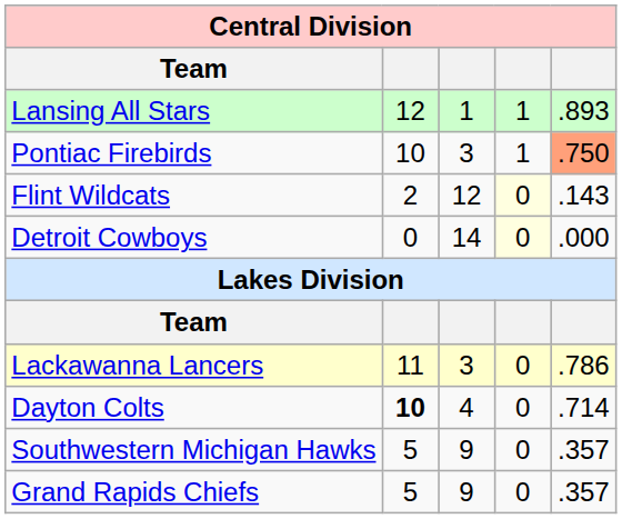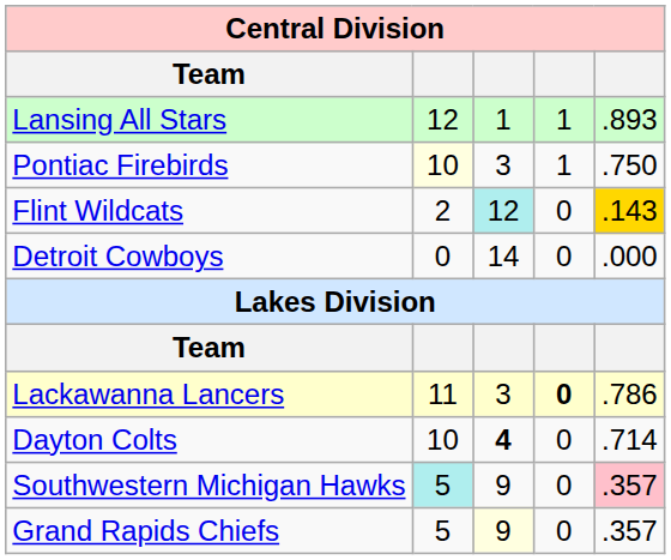 <table class="wikitable" style="font-size:95%; text-align:center">
 <tr>
 <th colspan="10" style="background-color: #FFCBCB;text-align:center;vertical-align:middle;">Central Division</th>
 </tr>
 <tr>
 <th>Team</th>
 <th width="25"></th>
 <th width="25"></th>
 <th width="25"></th>
 <th width="30"></th>
 </tr>
 <tr style="background:#cfc;">
 <td style="text-align:left;"><a href='#'>Lansing All Stars</a></td>
 <td>12</td>
 <td>1</td>
 <td>1</td>
 <td>.893</td>
 </tr>
 <tr>
 <td style="text-align:left;"><a href='#'>Pontiac Firebirds</a></td>
-<td>10</td>
+<td style="background: lightyellow;">10</td>
 <td>3</td>
 <td>1</td>
-<td style="background: lightsalmon;">.750</td>
+<td>.750</td>
 </tr>
 <tr>
 <td style="text-align:left;"><a href='#'>Flint Wildcats</a></td>
 <td>2</td>
-<td>12</td>
-<td style="background: lightyellow;">0</td>
-<td>.143</td>
+<td style="background: paleturquoise;">12</td>
+<td>0</td>
+<td style="background: gold;">.143</td>
 </tr>
 <tr>
 <td style="text-align:left;"><a href='#'>Detroit Cowboys</a></td>
 <td>0</td>
 <td>14</td>
-<td style="background: lightyellow;">0</td>
+<td>0</td>
 <td>.000</td>
 </tr>
 <tr>
 <th colspan="10" style="background-color: #D0E7FF;text-align:center;vertical-align:middle;">Lakes Division</th>
 </tr>
 <tr>
 <th>Team</th>
 <th width="25"></th>
 <th width="25"></th>
 <th width="25"></th>
 <th width="30"></th>
 </tr>
 <tr style="background:#ffc;">
 <td style="text-align:left;"><a href='#'>Lackawanna Lancers</a></td>
 <td>11</td>
 <td>3</td>
-<td>0</td>
+<td><strong>0</strong></td>
 <td>.786</td>
 </tr>
 <tr>
 <td style="text-align:left;"><a href='#'>Dayton Colts</a></td>
-<td><strong>10</strong></td>
-<td>4</td>
+<td>10</td>
+<td><strong>4</strong></td>
 <td>0</td>
 <td>.714</td>
 </tr>
 <tr>
 <td style="text-align:left;"><a href='#'>Southwestern Michigan Hawks</a></td>
-<td>5</td>
+<td style="background: paleturquoise;">5</td>
 <td>9</td>
 <td>0</td>
-<td>.357</td>
+<td style="background: pink;">.357</td>
 </tr>
 <tr>
 <td style="text-align:left;"><a href='#'>Grand Rapids Chiefs</a></td>
 <td>5</td>
-<td>9</td>
+<td style="background: lightyellow;">9</td>
 <td>0</td>
 <td>.357</td>
 </tr>
 </table>
